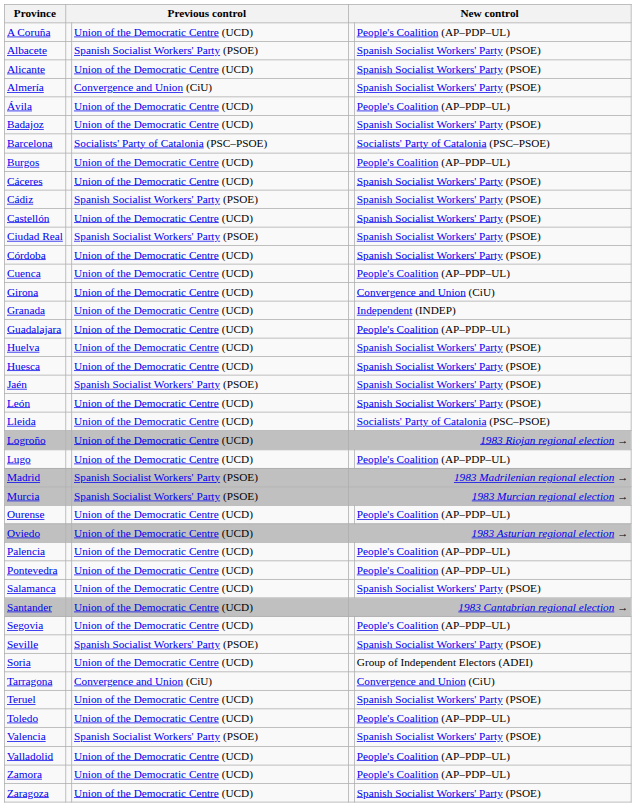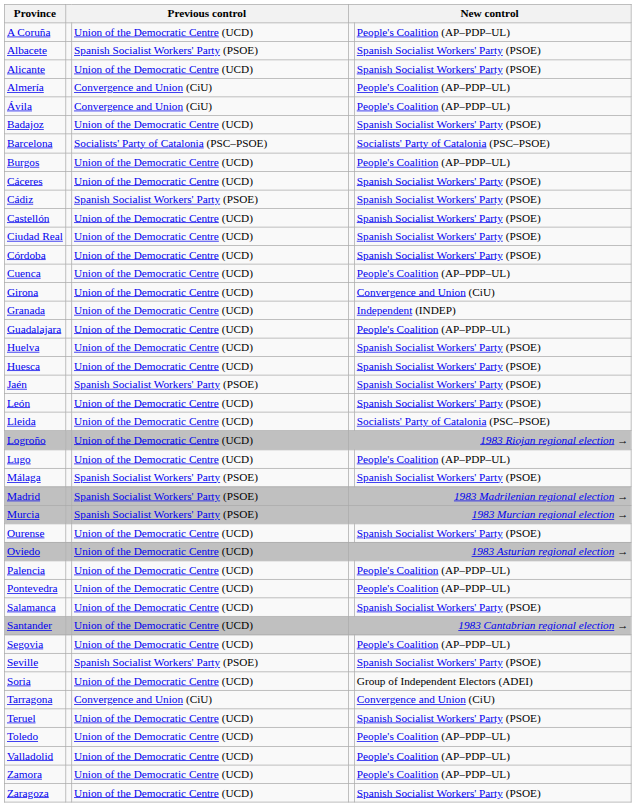 <table class="wikitable sortable" style="font-size:95%;">
 <tr>
 <th>Province</th>
 <th colspan="2" style="width:375px;">Previous control</th>
 <th colspan="2" style="width:375px;">New control</th>
 </tr>
 <tr>
 <td><a href='#'>A Coruña</a></td>
 <td width="1" style="color:inherit;background:"></td>
 <td><a href='#'>Union of the Democratic Centre</a> (UCD)</td>
 <td width="1" style="color:inherit;background:"></td>
 <td><a href='#'>People's Coalition</a> (AP–PDP–UL)</td>
 </tr>
 <tr>
 <td><a href='#'>Albacete</a></td>
 <td style="color:inherit;background:"></td>
 <td><a href='#'>Spanish Socialist Workers' Party</a> (PSOE)</td>
 <td style="color:inherit;background:"></td>
 <td><a href='#'>Spanish Socialist Workers' Party</a> (PSOE)</td>
 </tr>
 <tr>
 <td><a href='#'>Alicante</a></td>
 <td style="color:inherit;background:"></td>
 <td><a href='#'>Union of the Democratic Centre</a> (UCD)</td>
 <td style="color:inherit;background:"></td>
 <td><a href='#'>Spanish Socialist Workers' Party</a> (PSOE)</td>
 </tr>
 <tr>
 <td><a href='#'>Almería</a></td>
 <td style="color:inherit;background:"></td>
 <td><a href='#'>Convergence and Union</a> (CiU)</td>
 <td style="color:inherit;background:"></td>
-<td><a href='#'>Spanish Socialist Workers' Party</a> (PSOE)</td>
+<td><a href='#'>People's Coalition</a> (AP–PDP–UL)</td>
 </tr>
 <tr>
 <td><a href='#'>Ávila</a></td>
 <td style="color:inherit;background:"></td>
-<td><a href='#'>Union of the Democratic Centre</a> (UCD)</td>
+<td><a href='#'>Convergence and Union</a> (CiU)</td>
 <td style="color:inherit;background:"></td>
 <td><a href='#'>People's Coalition</a> (AP–PDP–UL)</td>
 </tr>
 <tr>
 <td><a href='#'>Badajoz</a></td>
 <td style="color:inherit;background:"></td>
 <td><a href='#'>Union of the Democratic Centre</a> (UCD)</td>
 <td style="color:inherit;background:"></td>
 <td><a href='#'>Spanish Socialist Workers' Party</a> (PSOE)</td>
 </tr>
 <tr>
 <td><a href='#'>Barcelona</a></td>
 <td style="color:inherit;background:"></td>
 <td><a href='#'>Socialists' Party of Catalonia</a> (PSC–PSOE)</td>
 <td style="color:inherit;background:"></td>
 <td><a href='#'>Socialists' Party of Catalonia</a> (PSC–PSOE)</td>
 </tr>
 <tr>
 <td><a href='#'>Burgos</a></td>
 <td style="color:inherit;background:"></td>
 <td><a href='#'>Union of the Democratic Centre</a> (UCD)</td>
 <td style="color:inherit;background:"></td>
 <td><a href='#'>People's Coalition</a> (AP–PDP–UL)</td>
 </tr>
 <tr>
 <td><a href='#'>Cáceres</a></td>
 <td style="color:inherit;background:"></td>
 <td><a href='#'>Union of the Democratic Centre</a> (UCD)</td>
 <td style="color:inherit;background:"></td>
 <td><a href='#'>Spanish Socialist Workers' Party</a> (PSOE)</td>
 </tr>
 <tr>
 <td><a href='#'>Cádiz</a></td>
 <td style="color:inherit;background:"></td>
 <td><a href='#'>Spanish Socialist Workers' Party</a> (PSOE)</td>
 <td style="color:inherit;background:"></td>
 <td><a href='#'>Spanish Socialist Workers' Party</a> (PSOE)</td>
 </tr>
 <tr>
 <td><a href='#'>Castellón</a></td>
 <td style="color:inherit;background:"></td>
 <td><a href='#'>Union of the Democratic Centre</a> (UCD)</td>
 <td style="color:inherit;background:"></td>
 <td><a href='#'>Spanish Socialist Workers' Party</a> (PSOE)</td>
 </tr>
 <tr>
 <td><a href='#'>Ciudad Real</a></td>
 <td style="color:inherit;background:"></td>
-<td><a href='#'>Spanish Socialist Workers' Party</a> (PSOE)</td>
+<td><a href='#'>Union of the Democratic Centre</a> (UCD)</td>
 <td style="color:inherit;background:"></td>
 <td><a href='#'>Spanish Socialist Workers' Party</a> (PSOE)</td>
 </tr>
 <tr>
 <td><a href='#'>Córdoba</a></td>
 <td style="color:inherit;background:"></td>
 <td><a href='#'>Union of the Democratic Centre</a> (UCD)</td>
 <td style="color:inherit;background:"></td>
 <td><a href='#'>Spanish Socialist Workers' Party</a> (PSOE)</td>
 </tr>
 <tr>
 <td><a href='#'>Cuenca</a></td>
 <td style="color:inherit;background:"></td>
 <td><a href='#'>Union of the Democratic Centre</a> (UCD)</td>
 <td style="color:inherit;background:"></td>
 <td><a href='#'>People's Coalition</a> (AP–PDP–UL)</td>
 </tr>
 <tr>
 <td><a href='#'>Girona</a></td>
 <td style="color:inherit;background:"></td>
 <td><a href='#'>Union of the Democratic Centre</a> (UCD)</td>
 <td style="color:inherit;background:"></td>
 <td><a href='#'>Convergence and Union</a> (CiU)</td>
 </tr>
 <tr>
 <td><a href='#'>Granada</a></td>
 <td style="color:inherit;background:"></td>
 <td><a href='#'>Union of the Democratic Centre</a> (UCD)</td>
 <td style="color:inherit;background:"></td>
 <td><a href='#'>Independent</a> (INDEP)</td>
 </tr>
 <tr>
 <td><a href='#'>Guadalajara</a></td>
 <td style="color:inherit;background:"></td>
 <td><a href='#'>Union of the Democratic Centre</a> (UCD)</td>
 <td style="color:inherit;background:"></td>
 <td><a href='#'>People's Coalition</a> (AP–PDP–UL)</td>
 </tr>
 <tr>
 <td><a href='#'>Huelva</a></td>
 <td style="color:inherit;background:"></td>
 <td><a href='#'>Union of the Democratic Centre</a> (UCD)</td>
 <td style="color:inherit;background:"></td>
 <td><a href='#'>Spanish Socialist Workers' Party</a> (PSOE)</td>
 </tr>
 <tr>
 <td><a href='#'>Huesca</a></td>
 <td style="color:inherit;background:"></td>
 <td><a href='#'>Union of the Democratic Centre</a> (UCD)</td>
 <td style="color:inherit;background:"></td>
 <td><a href='#'>Spanish Socialist Workers' Party</a> (PSOE)</td>
 </tr>
 <tr>
 <td><a href='#'>Jaén</a></td>
 <td style="color:inherit;background:"></td>
 <td><a href='#'>Spanish Socialist Workers' Party</a> (PSOE)</td>
 <td style="color:inherit;background:"></td>
 <td><a href='#'>Spanish Socialist Workers' Party</a> (PSOE)</td>
 </tr>
 <tr>
 <td><a href='#'>León</a></td>
 <td style="color:inherit;background:"></td>
 <td><a href='#'>Union of the Democratic Centre</a> (UCD)</td>
 <td style="color:inherit;background:"></td>
 <td><a href='#'>Spanish Socialist Workers' Party</a> (PSOE)</td>
 </tr>
 <tr>
 <td><a href='#'>Lleida</a></td>
 <td style="color:inherit;background:"></td>
 <td><a href='#'>Union of the Democratic Centre</a> (UCD)</td>
 <td style="color:inherit;background:"></td>
 <td><a href='#'>Socialists' Party of Catalonia</a> (PSC–PSOE)</td>
 </tr>
 <tr bgcolor="#C0C0C0">
 <td><a href='#'>Logroño</a></td>
 <td style="color:inherit;background:"></td>
 <td><a href='#'>Union of the Democratic Centre</a> (UCD)</td>
 <td colspan="2" align="right"><em><a href='#'>1983 Riojan regional election</a></em> →</td>
 </tr>
 <tr>
 <td><a href='#'>Lugo</a></td>
 <td style="color:inherit;background:"></td>
 <td><a href='#'>Union of the Democratic Centre</a> (UCD)</td>
 <td style="color:inherit;background:"></td>
 <td><a href='#'>People's Coalition</a> (AP–PDP–UL)</td>
 </tr>
+<tr>
+<td><a href='#'>Málaga</a></td>
+<td style="color:inherit;background:"></td>
+<td><a href='#'>Spanish Socialist Workers' Party</a> (PSOE)</td>
+<td style="color:inherit;background:"></td>
+<td><a href='#'>Spanish Socialist Workers' Party</a> (PSOE)</td>
+</tr>
 <tr bgcolor="#C0C0C0">
 <td><a href='#'>Madrid</a></td>
 <td style="color:inherit;background:"></td>
 <td><a href='#'>Spanish Socialist Workers' Party</a> (PSOE)</td>
 <td colspan="2" align="right"><em><a href='#'>1983 Madrilenian regional election</a></em> →</td>
 </tr>
 <tr bgcolor="#C0C0C0">
 <td><a href='#'>Murcia</a></td>
 <td style="color:inherit;background:"></td>
 <td><a href='#'>Spanish Socialist Workers' Party</a> (PSOE)</td>
 <td colspan="2" align="right"><em><a href='#'>1983 Murcian regional election</a></em> →</td>
 </tr>
 <tr>
 <td><a href='#'>Ourense</a></td>
 <td style="color:inherit;background:"></td>
 <td><a href='#'>Union of the Democratic Centre</a> (UCD)</td>
 <td style="color:inherit;background:"></td>
-<td><a href='#'>People's Coalition</a> (AP–PDP–UL)</td>
+<td><a href='#'>Spanish Socialist Workers' Party</a> (PSOE)</td>
 </tr>
 <tr bgcolor="#C0C0C0">
 <td><a href='#'>Oviedo</a></td>
 <td style="color:inherit;background:"></td>
 <td><a href='#'>Union of the Democratic Centre</a> (UCD)</td>
 <td colspan="2" align="right"><em><a href='#'>1983 Asturian regional election</a></em> →</td>
 </tr>
 <tr>
 <td><a href='#'>Palencia</a></td>
 <td style="color:inherit;background:"></td>
 <td><a href='#'>Union of the Democratic Centre</a> (UCD)</td>
 <td style="color:inherit;background:"></td>
 <td><a href='#'>People's Coalition</a> (AP–PDP–UL)</td>
 </tr>
 <tr>
 <td><a href='#'>Pontevedra</a></td>
 <td style="color:inherit;background:"></td>
 <td><a href='#'>Union of the Democratic Centre</a> (UCD)</td>
 <td style="color:inherit;background:"></td>
 <td><a href='#'>People's Coalition</a> (AP–PDP–UL)</td>
 </tr>
 <tr>
 <td><a href='#'>Salamanca</a></td>
 <td style="color:inherit;background:"></td>
 <td><a href='#'>Union of the Democratic Centre</a> (UCD)</td>
 <td style="color:inherit;background:"></td>
 <td><a href='#'>Spanish Socialist Workers' Party</a> (PSOE)</td>
 </tr>
 <tr bgcolor="#C0C0C0">
 <td><a href='#'>Santander</a></td>
 <td style="color:inherit;background:"></td>
 <td><a href='#'>Union of the Democratic Centre</a> (UCD)</td>
 <td colspan="2" align="right"><em><a href='#'>1983 Cantabrian regional election</a></em> →</td>
 </tr>
 <tr>
 <td><a href='#'>Segovia</a></td>
 <td style="color:inherit;background:"></td>
 <td><a href='#'>Union of the Democratic Centre</a> (UCD)</td>
 <td style="color:inherit;background:"></td>
 <td><a href='#'>People's Coalition</a> (AP–PDP–UL)</td>
 </tr>
 <tr>
 <td><a href='#'>Seville</a></td>
 <td style="color:inherit;background:"></td>
 <td><a href='#'>Spanish Socialist Workers' Party</a> (PSOE)</td>
 <td style="color:inherit;background:"></td>
 <td><a href='#'>Spanish Socialist Workers' Party</a> (PSOE)</td>
 </tr>
 <tr>
 <td><a href='#'>Soria</a></td>
 <td style="color:inherit;background:"></td>
 <td><a href='#'>Union of the Democratic Centre</a> (UCD)</td>
 <td style="color:inherit;background:"></td>
 <td>Group of Independent Electors (ADEI) </td>
 </tr>
 <tr>
 <td><a href='#'>Tarragona</a></td>
 <td style="color:inherit;background:"></td>
 <td><a href='#'>Convergence and Union</a> (CiU)</td>
 <td style="color:inherit;background:"></td>
 <td><a href='#'>Convergence and Union</a> (CiU)</td>
 </tr>
 <tr>
 <td><a href='#'>Teruel</a></td>
 <td style="color:inherit;background:"></td>
 <td><a href='#'>Union of the Democratic Centre</a> (UCD)</td>
 <td style="color:inherit;background:"></td>
 <td><a href='#'>Spanish Socialist Workers' Party</a> (PSOE)</td>
 </tr>
 <tr>
 <td><a href='#'>Toledo</a></td>
 <td style="color:inherit;background:"></td>
 <td><a href='#'>Union of the Democratic Centre</a> (UCD)</td>
 <td style="color:inherit;background:"></td>
 <td><a href='#'>People's Coalition</a> (AP–PDP–UL)</td>
 </tr>
 <tr>
-<td><a href='#'>Valencia</a></td>
-<td style="color:inherit;background:"></td>
-<td><a href='#'>Spanish Socialist Workers' Party</a> (PSOE)</td>
-<td style="color:inherit;background:"></td>
-<td><a href='#'>Spanish Socialist Workers' Party</a> (PSOE)</td>
-</tr>
-<tr>
 <td><a href='#'>Valladolid</a></td>
 <td style="color:inherit;background:"></td>
 <td><a href='#'>Union of the Democratic Centre</a> (UCD)</td>
 <td style="color:inherit;background:"></td>
 <td><a href='#'>People's Coalition</a> (AP–PDP–UL)</td>
 </tr>
 <tr>
 <td><a href='#'>Zamora</a></td>
 <td style="color:inherit;background:"></td>
 <td><a href='#'>Union of the Democratic Centre</a> (UCD)</td>
 <td style="color:inherit;background:"></td>
 <td><a href='#'>People's Coalition</a> (AP–PDP–UL)</td>
 </tr>
 <tr>
 <td><a href='#'>Zaragoza</a></td>
 <td style="color:inherit;background:"></td>
 <td><a href='#'>Union of the Democratic Centre</a> (UCD)</td>
 <td style="color:inherit;background:"></td>
 <td><a href='#'>Spanish Socialist Workers' Party</a> (PSOE)</td>
 </tr>
 </table>
